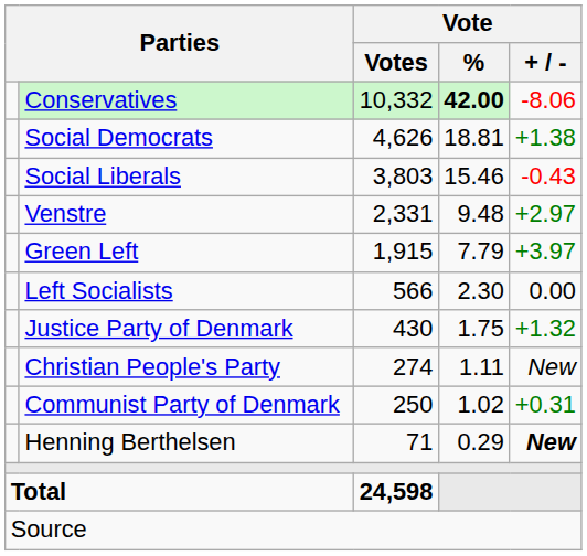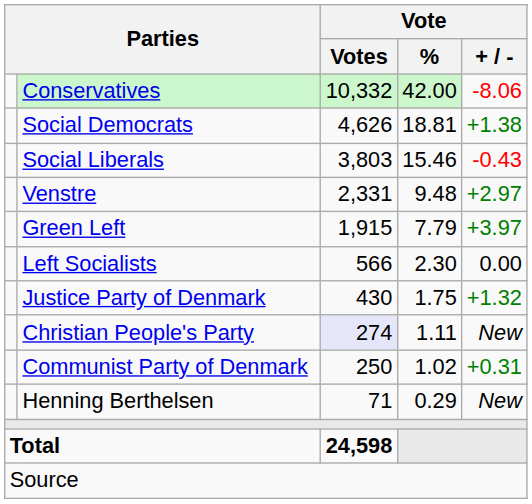 <table class="wikitable" style="text-align:right;">
 <tr>
 <th style="text-align:centre;" rowspan="2" colspan="2" width="225">Parties</th>
 <th colspan="3">Vote</th>
 </tr>
 <tr>
 <th width="15">Votes</th>
 <th width="15">%</th>
 <th width="15">+ / -</th>
 </tr>
 <tr>
 <td width="2" style="color:inherit;background:"></td>
 <td bgcolor=#ccf7cc  align="left"><a href='#'>Conservatives</a></td>
 <td bgcolor=#ccf7cc>10,332</td>
-<td bgcolor=#ccf7cc><strong>42.00</strong></td>
+<td bgcolor=#ccf7cc>42.00</td>
 <td style=color:red;>-8.06</td>
 </tr>
 <tr>
 <td width="2" style="color:inherit;background:"></td>
 <td align="left"><a href='#'>Social Democrats</a></td>
 <td>4,626</td>
 <td>18.81</td>
 <td style=color:green;>+1.38</td>
 </tr>
 <tr>
 <td width="2" style="color:inherit;background:"></td>
 <td align="left"><a href='#'>Social Liberals</a></td>
 <td>3,803</td>
 <td>15.46</td>
 <td style=color:red;>-0.43</td>
 </tr>
 <tr>
 <td width="2" style="color:inherit;background:"></td>
 <td align="left"><a href='#'>Venstre</a></td>
 <td>2,331</td>
 <td>9.48</td>
 <td style=color:green;>+2.97</td>
 </tr>
 <tr>
 <td width="2" style="color:inherit;background:"></td>
 <td align="left"><a href='#'>Green Left</a></td>
 <td>1,915</td>
 <td>7.79</td>
 <td style=color:green;>+3.97</td>
 </tr>
 <tr>
 <td width="2" style="color:inherit;background:"></td>
 <td align="left"><a href='#'>Left Socialists</a></td>
 <td>566</td>
 <td>2.30</td>
 <td>0.00</td>
 </tr>
 <tr>
 <td width="2" style="color:inherit;background:"></td>
 <td align="left"><a href='#'>Justice Party of Denmark</a></td>
 <td>430</td>
 <td>1.75</td>
 <td style=color:green;>+1.32</td>
 </tr>
 <tr>
 <td width="2" style="color:inherit;background:"></td>
 <td align="left"><a href='#'>Christian People's Party</a></td>
-<td>274</td>
+<td style="background: lavender;">274</td>
 <td>1.11</td>
 <td><em>New</em></td>
 </tr>
 <tr>
 <td width="2" style="color:inherit;background:"></td>
 <td align="left"><a href='#'>Communist Party of Denmark</a></td>
 <td>250</td>
 <td>1.02</td>
 <td style=color:green;>+0.31</td>
 </tr>
 <tr>
 <td width="2" style="color:inherit;background:"></td>
 <td align="left">Henning Berthelsen</td>
 <td>71</td>
 <td>0.29</td>
-<td><strong><em>New</em></strong></td>
+<td><em>New</em></td>
 </tr>
 <tr>
 <td colspan="7" bgcolor="#E9E9E9"></td>
 </tr>
 <tr>
 <td align="left" colspan="2"><strong>Total</strong></td>
 <td><strong>24,598</strong></td>
 <td bgcolor="#E9E9E9" colspan="2"></td>
 </tr>
 <tr>
 <td align="left" colspan="6">Source</td>
 </tr>
 </table>
